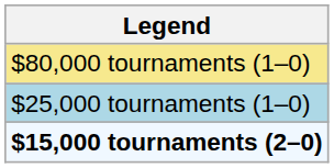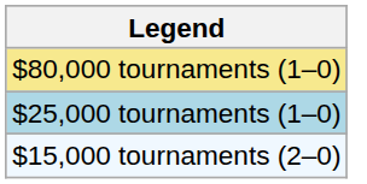 <table class=wikitable style="font-size:85%;">
 <tr>
 <th>Legend</th>
 </tr>
 <tr style="background:#f7e98e;">
 <td>$80,000 tournaments (1–0)</td>
 </tr>
 <tr style="background:lightblue;">
 <td>$25,000 tournaments (1–0)</td>
 </tr>
 <tr style="background:#f0f8ff;">
-<td><strong>$15,000 tournaments (2–0)</strong></td>
+<td>$15,000 tournaments (2–0)</td>
 </tr>
 </table>
